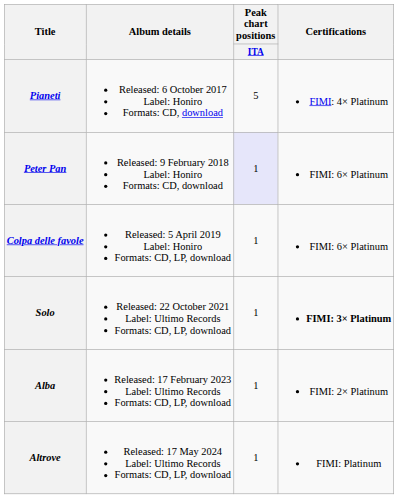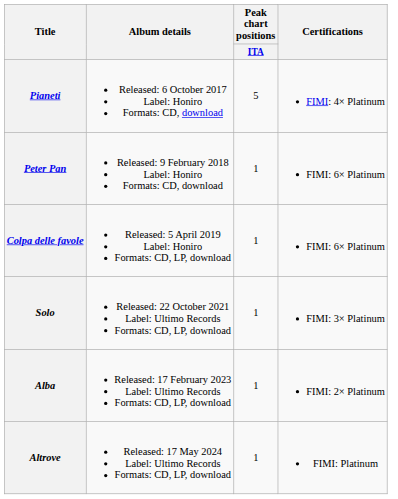 <table class="wikitable plainrowheaders" style="text-align:center;">
 <tr>
 <th scope="col" rowspan="2">Title</th>
 <th scope="col" rowspan="2">Album details</th>
 <th scope="col" colspan="1">Peak chart positions</th>
 <th scope="col" rowspan="2">Certifications</th>
 </tr>
 <tr>
 <th scope="col" style="width:3em;font-size:90%;"><a href='#'>ITA</a><br></th>
 </tr>
 <tr>
 <th scope="row"><em><a href='#'>Pianeti</a></em></th>
 <td><br><ul><li>Released: 6 October 2017</li><li>Label: Honiro</li><li>Formats: CD, <a href='#'>download</a></li></ul></td>
 <td>5</td>
 <td><br><ul><li><a href='#'>FIMI</a>: 4× Platinum</li></ul></td>
 </tr>
 <tr>
 <th scope="row"><em><a href='#'>Peter Pan</a></em></th>
 <td><br><ul><li>Released: 9 February 2018</li><li>Label: Honiro</li><li>Formats: CD, download</li></ul></td>
-<td style="background: lavender;">1</td>
+<td>1</td>
 <td><br><ul><li>FIMI: 6× Platinum</li></ul></td>
 </tr>
 <tr>
 <th scope="row"><em><a href='#'>Colpa delle favole</a></em></th>
 <td><br><ul><li>Released: 5 April 2019</li><li>Label: Honiro</li><li>Formats: CD, LP, download</li></ul></td>
 <td>1</td>
 <td><br><ul><li>FIMI: 6× Platinum</li></ul></td>
 </tr>
 <tr>
 <th scope="row"><em>Solo</em></th>
 <td><br><ul><li>Released: 22 October 2021</li><li>Label: Ultimo Records</li><li>Formats: CD, LP, download</li></ul></td>
 <td>1</td>
-<td><strong><br><ul><li>FIMI: 3× Platinum</li></ul></strong></td>
+<td><br><ul><li>FIMI: 3× Platinum</li></ul></td>
 </tr>
 <tr>
 <th scope="row"><em>Alba</em></th>
 <td><br><ul><li>Released: 17 February 2023</li><li>Label: Ultimo Records</li><li>Formats: CD, LP, download</li></ul></td>
 <td>1</td>
 <td><br><ul><li>FIMI: 2× Platinum</li></ul></td>
 </tr>
 <tr>
 <th scope="row"><em>Altrove</em></th>
 <td><br><ul><li>Released: 17 May 2024</li><li>Label: Ultimo Records</li><li>Formats: CD, LP, download</li></ul></td>
 <td>1<br></td>
 <td><br><ul><li>FIMI: Platinum</li></ul></td>
 </tr>
 </table>
